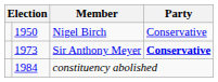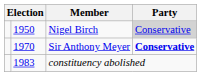 <table class="wikitable">
 <tr>
 <th colspan="2">Election</th>
 <th>Member </th>
 <th>Party</th>
 </tr>
 <tr>
 <td style="color:inherit;background-color: "></td>
 <td><a href='#'>1950</a></td>
 <td><a href='#'>Nigel Birch</a></td>
-<td><a href='#'>Conservative</a></td>
+<td style="background: lightgrey;"><a href='#'>Conservative</a></td>
 </tr>
 <tr>
 <td style="color:inherit;background-color: "></td>
-<td><a href='#'>1973</a></td>
+<td><a href='#'>1970</a></td>
 <td><a href='#'>Sir Anthony Meyer</a></td>
 <td><strong><a href='#'>Conservative</a></strong></td>
 </tr>
 <tr>
 <td></td>
-<td><a href='#'>1984</a></td>
+<td><a href='#'>1983</a></td>
 <td colspan="2"><em>constituency abolished</em></td>
 </tr>
 </table>
